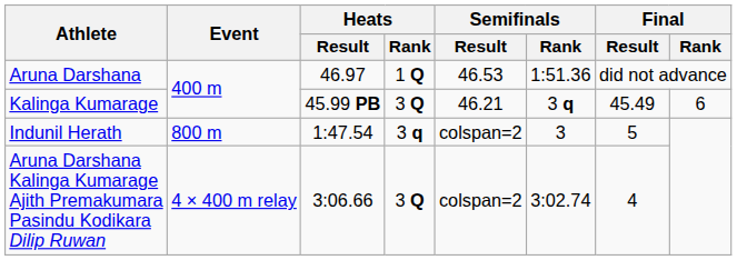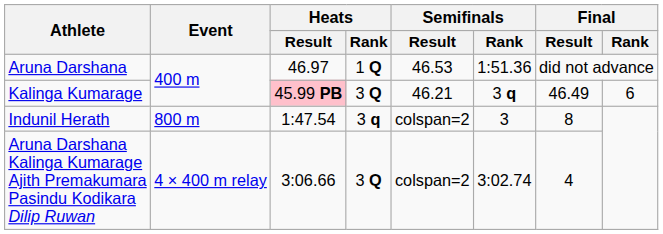 <table class="wikitable" style="font-size:90%">
 <tr>
 <th rowspan=2>Athlete</th>
 <th rowspan=2>Event</th>
 <th colspan=2>Heats</th>
 <th colspan=2>Semifinals</th>
 <th colspan=2>Final</th>
 </tr>
 <tr style="font-size:95%">
 <th>Result</th>
 <th>Rank</th>
 <th>Result</th>
 <th>Rank</th>
 <th>Result</th>
 <th>Rank</th>
 </tr>
 <tr align=center>
 <td align=left><a href='#'>Aruna Darshana</a></td>
 <td align=left rowspan=2><a href='#'>400 m</a></td>
 <td>46.97</td>
 <td>1 <strong>Q</strong></td>
 <td>46.53</td>
 <td>1:51.36</td>
 <td colspan=2>did not advance</td>
 </tr>
 <tr align=center>
 <td align=left><a href='#'>Kalinga Kumarage</a></td>
-<td>45.99 <strong>PB</strong></td>
+<td style="background: pink;">45.99 <strong>PB</strong></td>
 <td>3 <strong>Q</strong></td>
 <td>46.21</td>
 <td>3 <strong>q</strong></td>
-<td>45.49</td>
+<td>46.49</td>
 <td>6</td>
 </tr>
 <tr align=center>
 <td align=left><a href='#'>Indunil Herath</a></td>
 <td align=left><a href='#'>800 m</a></td>
 <td>1:47.54</td>
 <td>3 <strong>q</strong></td>
 <td>colspan=2 </td>
 <td>3</td>
-<td>5</td>
+<td>8</td>
 </tr>
 <tr align=center>
 <td align=left><a href='#'>Aruna Darshana</a><br><a href='#'>Kalinga Kumarage</a><br><a href='#'>Ajith Premakumara</a><br><a href='#'>Pasindu Kodikara</a><br><em><a href='#'>Dilip Ruwan</a></em></td>
 <td align=left><a href='#'>4 × 400 m relay</a></td>
 <td>3:06.66</td>
 <td>3 <strong>Q</strong></td>
 <td>colspan=2 </td>
 <td>3:02.74</td>
 <td>4</td>
 </tr>
 </table>
